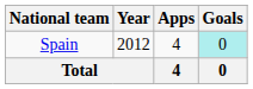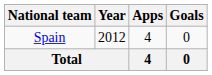 <table class="wikitable" style="text-align:center">
 <tr>
 <th>National team</th>
 <th>Year</th>
 <th>Apps</th>
 <th>Goals</th>
 </tr>
 <tr>
 <td><a href='#'>Spain</a></td>
 <td>2012</td>
 <td>4</td>
-<td style="background: paleturquoise;">0</td>
+<td>0</td>
 </tr>
 <tr>
 <th colspan="2">Total</th>
 <th>4</th>
 <th>0</th>
 </tr>
 </table>
